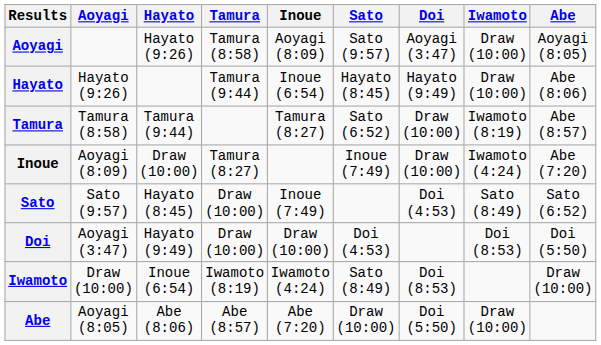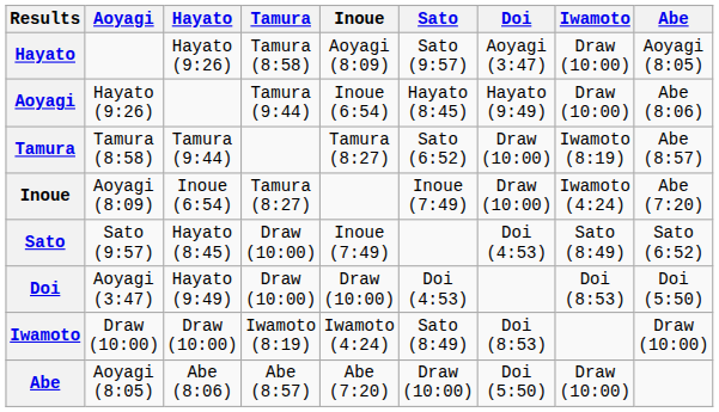 <table class="wikitable" style="margin: 1em auto 1em auto;text-align:center">
 <tr>
 <th>Results</th>
 <th><a href='#'>Aoyagi</a></th>
 <th><a href='#'>Hayato</a></th>
 <th><a href='#'>Tamura</a></th>
 <th>Inoue</th>
 <th><a href='#'>Sato</a></th>
 <th><a href='#'>Doi</a></th>
 <th><a href='#'>Iwamoto</a></th>
 <th><a href='#'>Abe</a></th>
 </tr>
 <tr>
-<th><a href='#'>Aoyagi</a></th>
+<th><a href='#'>Hayato</a></th>
 <td></td>
 <td>Hayato<br>(9:26)</td>
 <td>Tamura<br>(8:58)</td>
 <td>Aoyagi<br>(8:09)</td>
 <td>Sato<br>(9:57)</td>
 <td>Aoyagi<br>(3:47)</td>
 <td>Draw<br>(10:00)</td>
 <td>Aoyagi<br>(8:05)</td>
 </tr>
 <tr>
-<th><a href='#'>Hayato</a></th>
+<th><a href='#'>Aoyagi</a></th>
 <td>Hayato<br>(9:26)</td>
 <td></td>
 <td>Tamura<br>(9:44)</td>
 <td>Inoue<br>(6:54)</td>
 <td>Hayato<br>(8:45)</td>
 <td>Hayato<br>(9:49)</td>
 <td>Draw<br>(10:00)</td>
 <td>Abe<br>(8:06)</td>
 </tr>
 <tr>
 <th><a href='#'>Tamura</a></th>
 <td>Tamura<br>(8:58)</td>
 <td>Tamura<br>(9:44)</td>
 <td></td>
 <td>Tamura<br>(8:27)</td>
 <td>Sato<br>(6:52)</td>
 <td>Draw<br>(10:00)</td>
 <td>Iwamoto<br>(8:19)</td>
 <td>Abe<br>(8:57)</td>
 </tr>
 <tr>
 <th>Inoue</th>
 <td>Aoyagi<br>(8:09)</td>
-<td>Draw<br>(10:00)</td>
+<td>Inoue<br>(6:54)</td>
 <td>Tamura<br>(8:27)</td>
 <td></td>
 <td>Inoue<br>(7:49)</td>
 <td>Draw<br>(10:00)</td>
 <td>Iwamoto<br>(4:24)</td>
 <td>Abe<br>(7:20)</td>
 </tr>
 <tr>
 <th><a href='#'>Sato</a></th>
 <td>Sato<br>(9:57)</td>
 <td>Hayato<br>(8:45)</td>
 <td>Draw<br>(10:00)</td>
 <td>Inoue<br>(7:49)</td>
 <td></td>
 <td>Doi<br>(4:53)</td>
 <td>Sato<br>(8:49)</td>
 <td>Sato<br>(6:52)</td>
 </tr>
 <tr>
 <th><a href='#'>Doi</a></th>
 <td>Aoyagi<br>(3:47)</td>
 <td>Hayato<br>(9:49)</td>
 <td>Draw<br>(10:00)</td>
 <td>Draw<br>(10:00)</td>
 <td>Doi<br>(4:53)</td>
 <td></td>
 <td>Doi<br>(8:53)</td>
 <td>Doi<br>(5:50)</td>
 </tr>
 <tr>
 <th><a href='#'>Iwamoto</a></th>
 <td>Draw<br>(10:00)</td>
-<td>Inoue<br>(6:54)</td>
+<td>Draw<br>(10:00)</td>
 <td>Iwamoto<br>(8:19)</td>
 <td>Iwamoto<br>(4:24)</td>
 <td>Sato<br>(8:49)</td>
 <td>Doi<br>(8:53)</td>
 <td></td>
 <td>Draw<br>(10:00)</td>
 </tr>
 <tr>
 <th><a href='#'>Abe</a></th>
 <td>Aoyagi<br>(8:05)</td>
 <td>Abe<br>(8:06)</td>
 <td>Abe<br>(8:57)</td>
 <td>Abe<br>(7:20)</td>
 <td>Draw<br>(10:00)</td>
 <td>Doi<br>(5:50)</td>
 <td>Draw<br>(10:00)</td>
 <td></td>
 </tr>
 </table>
